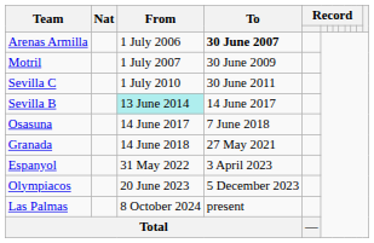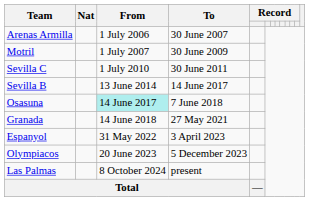 <table class="wikitable" style="text-align: center">
 <tr>
 <th rowspan="2">Team</th>
 <th rowspan="2">Nat</th>
 <th rowspan="2">From</th>
 <th rowspan="2">To</th>
 <th colspan="8">Record</th>
 <th rowspan=2></th>
 </tr>
 <tr>
 <th></th>
 <th></th>
 <th></th>
 <th></th>
 <th></th>
 <th></th>
 <th></th>
 <th></th>
 </tr>
 <tr>
 <td align=left><a href='#'>Arenas Armilla</a></td>
 <td></td>
 <td align=left>1 July 2006</td>
-<td align=left><strong>30 June 2007<br></strong></td>
+<td align=left>30 June 2007<br></td>
 <td></td>
 </tr>
 <tr>
 <td align=left><a href='#'>Motril</a></td>
 <td></td>
 <td align=left>1 July 2007</td>
 <td align=left>30 June 2009<br></td>
 <td></td>
 </tr>
 <tr>
 <td align=left><a href='#'>Sevilla C</a></td>
 <td></td>
 <td align=left>1 July 2010</td>
 <td align=left>30 June 2011<br></td>
 <td></td>
 </tr>
 <tr>
 <td align=left><a href='#'>Sevilla B</a></td>
 <td></td>
-<td align=left style="background: paleturquoise;">13 June 2014</td>
+<td align=left>13 June 2014</td>
 <td align=left>14 June 2017<br></td>
 <td></td>
 </tr>
 <tr>
 <td align=left><a href='#'>Osasuna</a></td>
 <td></td>
-<td align=left>14 June 2017</td>
+<td align=left style="background: paleturquoise;">14 June 2017</td>
 <td align=left>7 June 2018<br></td>
 <td></td>
 </tr>
 <tr>
 <td align=left><a href='#'>Granada</a></td>
 <td></td>
 <td align=left>14 June 2018</td>
 <td align=left>27 May 2021<br></td>
 <td></td>
 </tr>
 <tr>
 <td align=left><a href='#'>Espanyol</a></td>
 <td></td>
 <td align=left>31 May 2022</td>
 <td align=left>3 April 2023<br></td>
 <td></td>
 </tr>
 <tr>
 <td align=left><a href='#'>Olympiacos</a></td>
 <td></td>
 <td align=left>20 June 2023</td>
 <td align=left>5 December 2023<br></td>
 <td></td>
 </tr>
 <tr>
 <td align=left><a href='#'>Las Palmas</a></td>
 <td></td>
 <td align=left>8 October 2024</td>
 <td align=left>present<br></td>
 <td></td>
 </tr>
 <tr>
 <th colspan="4">Total<br></th>
 <th>—</th>
 </tr>
 </table>
